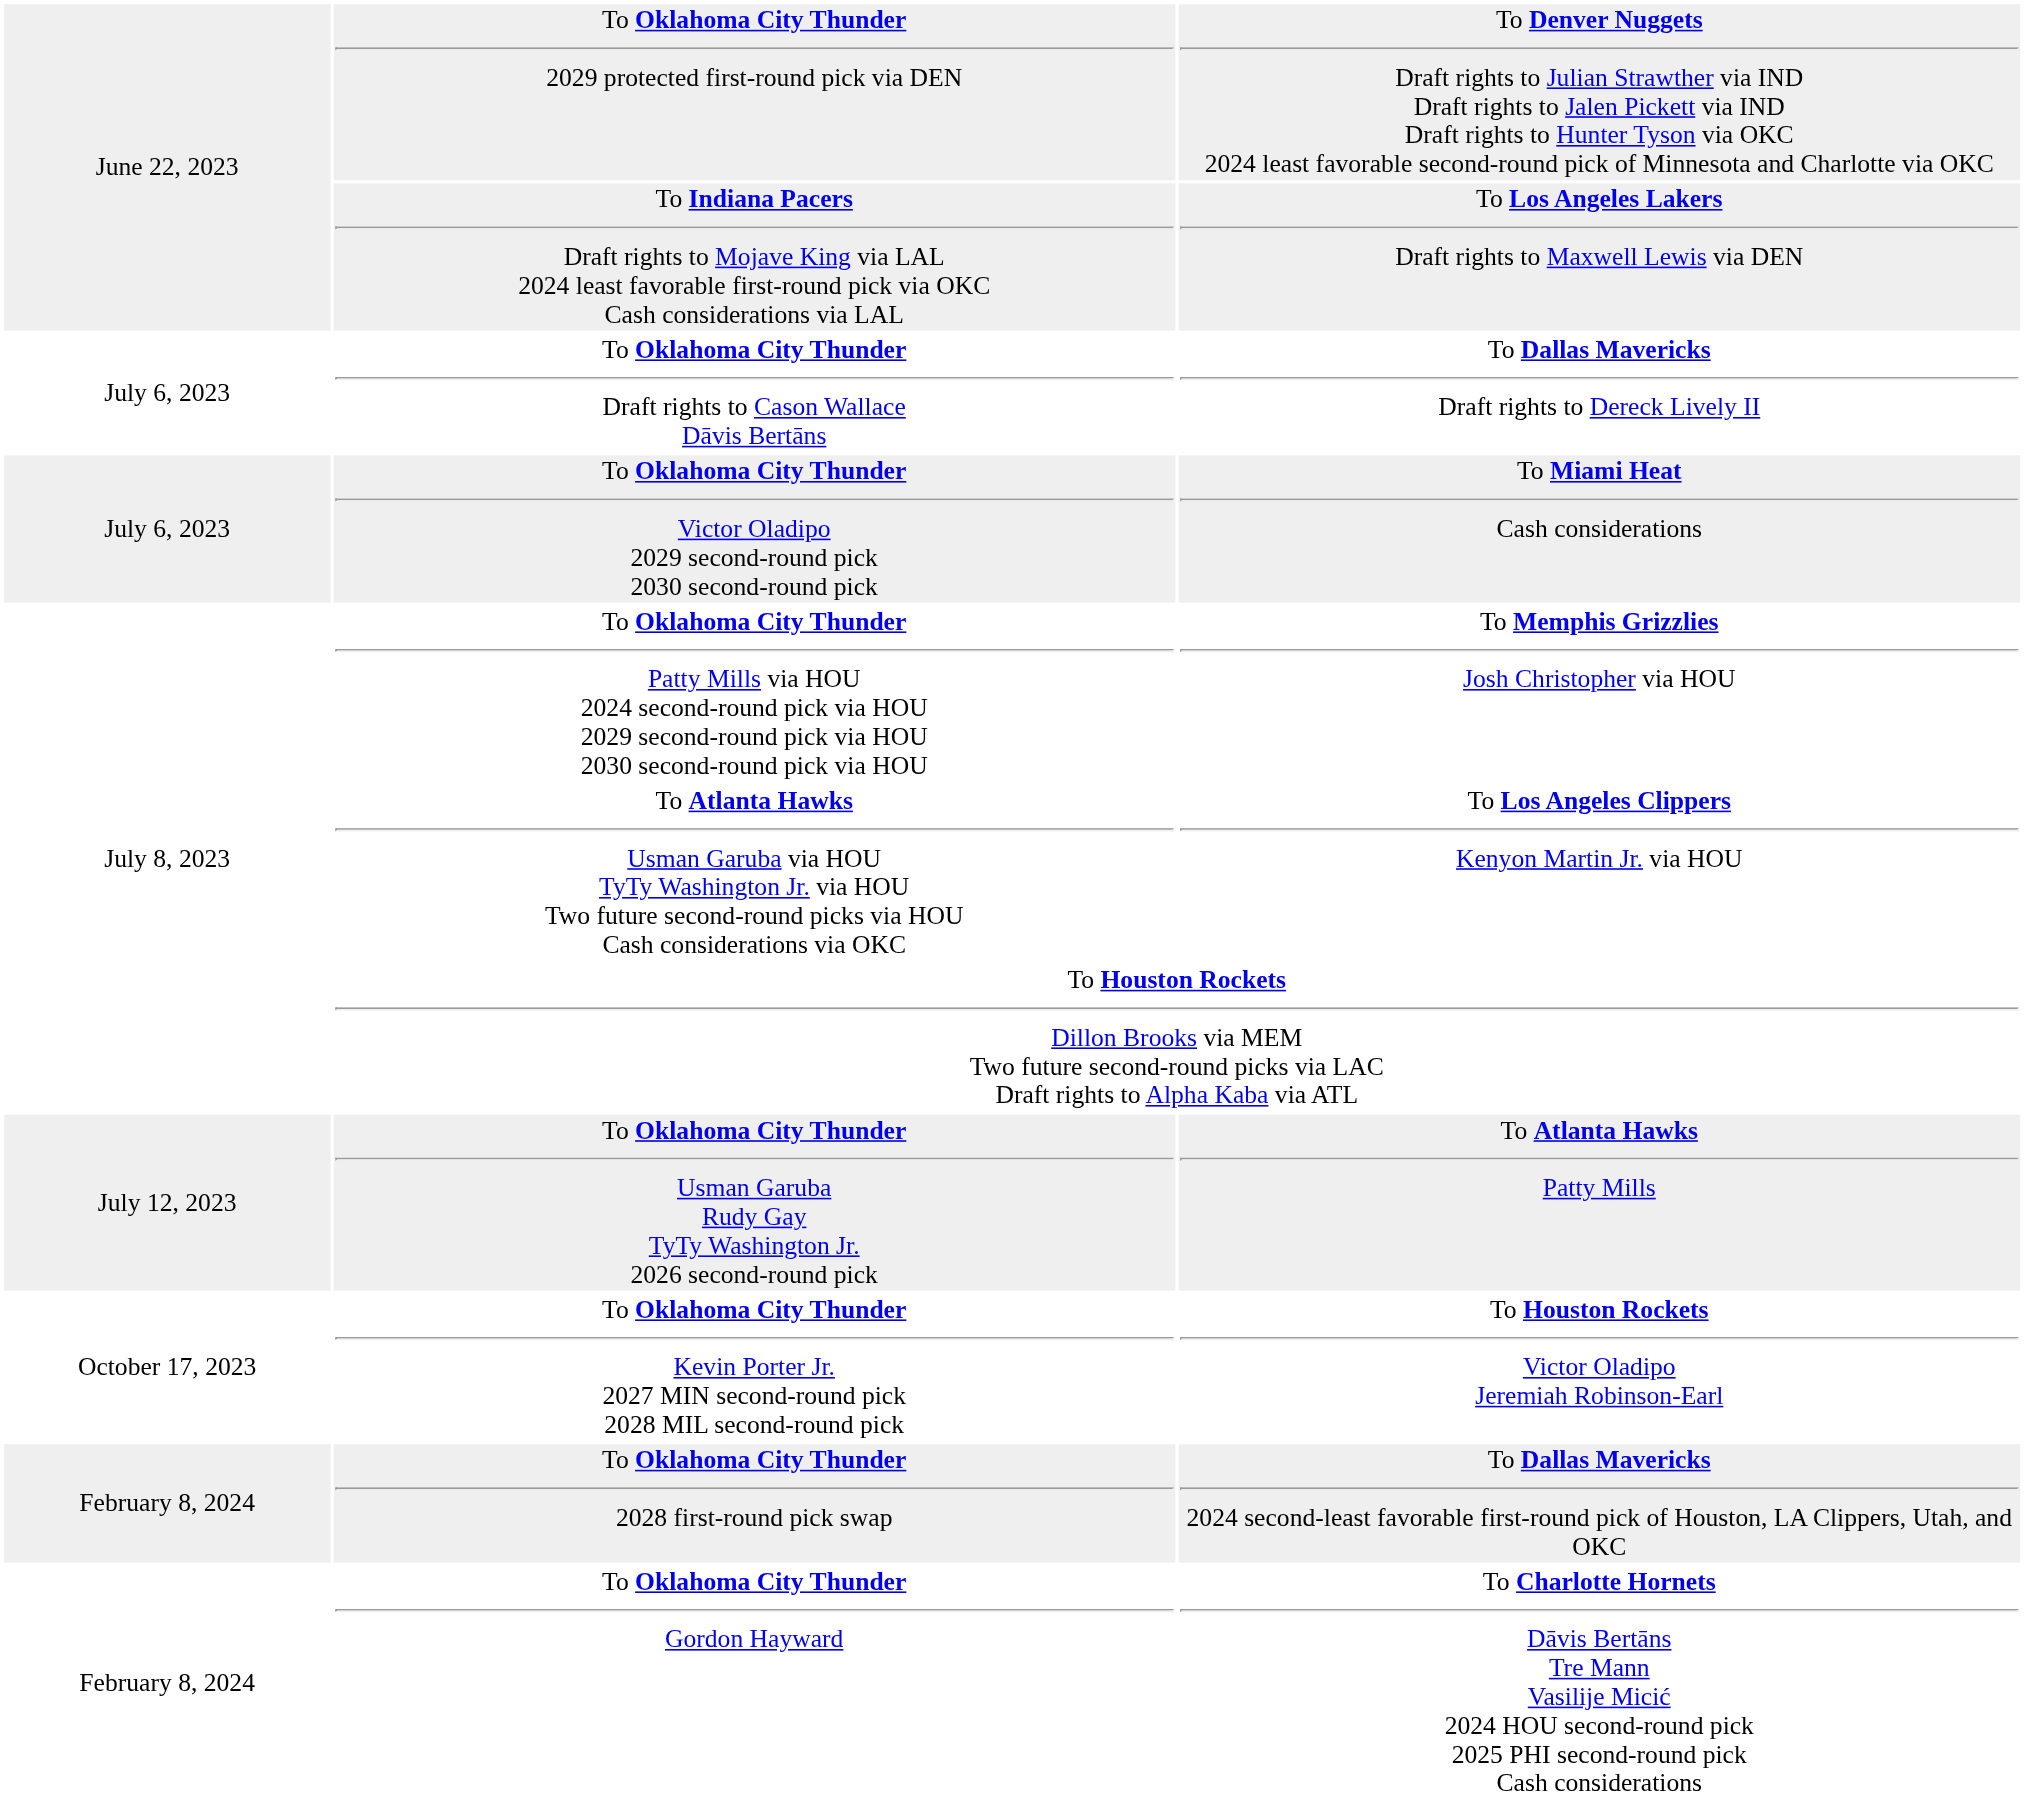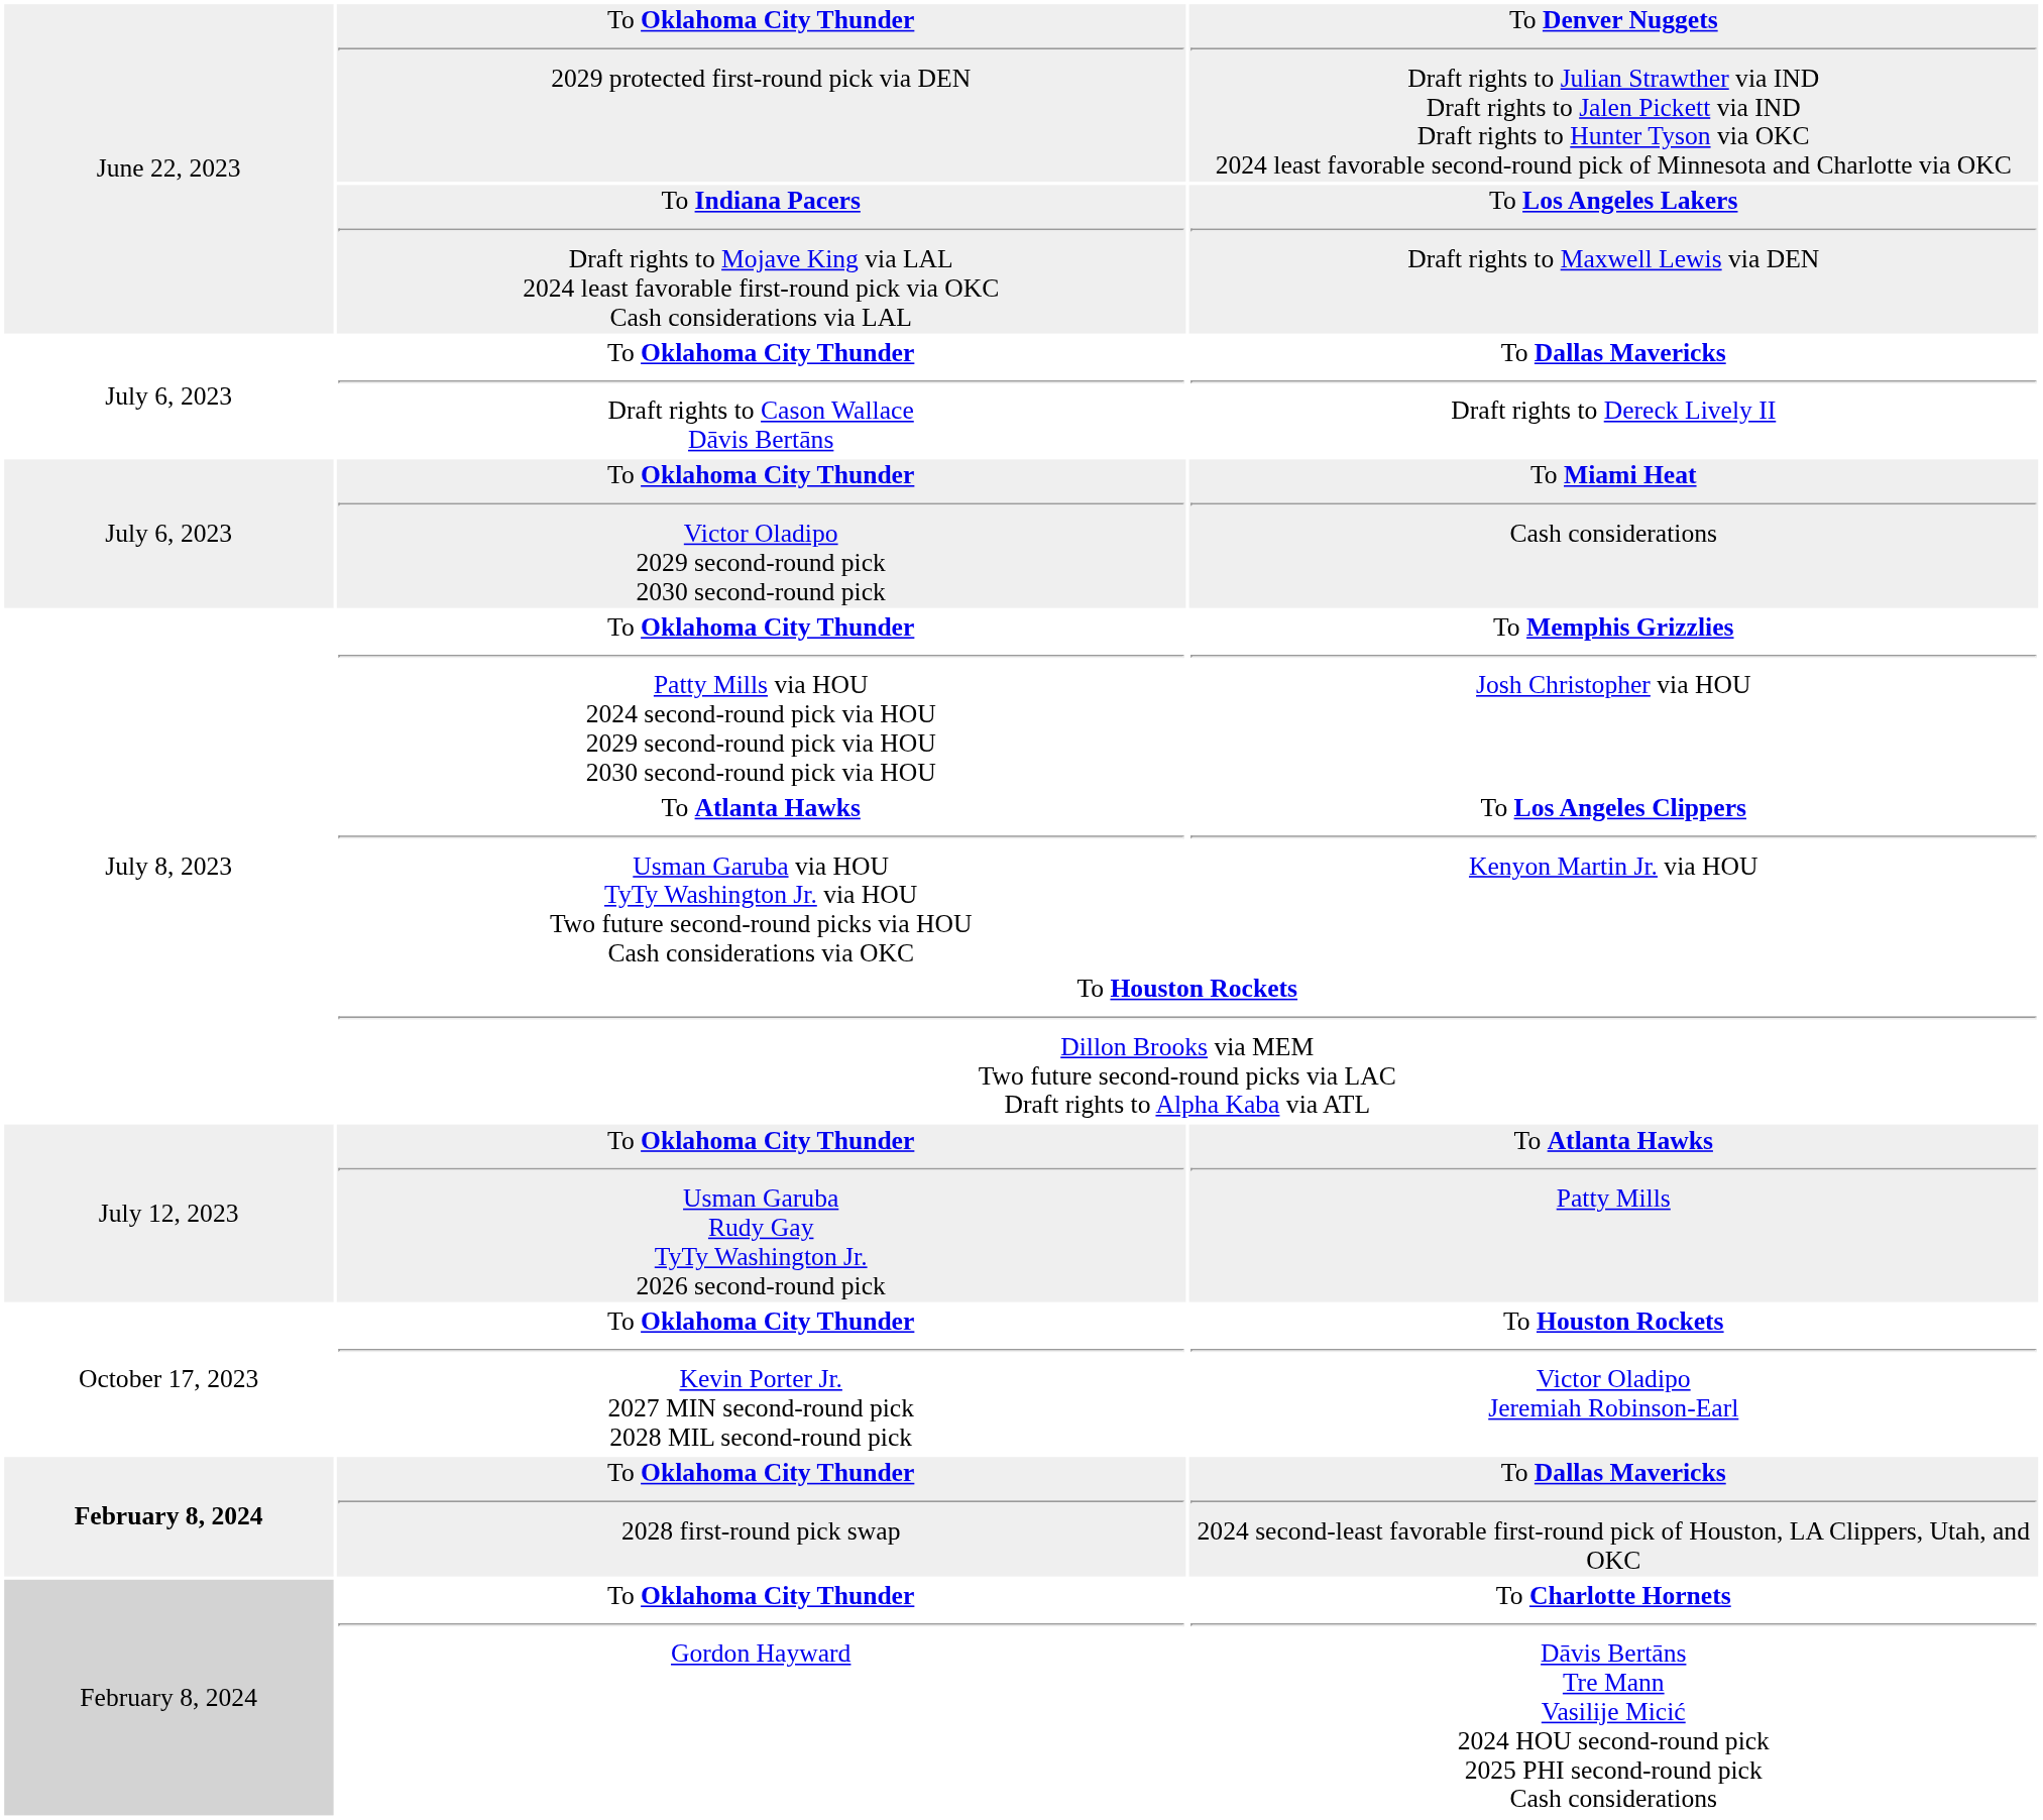 <table style="text-align: center">
 <tr style="background:#eeee">
 <td style="width:12%" rowspan=2>June 22, 2023</td>
 <td style="width:30%" valign="top">To <strong><a href='#'>Oklahoma City Thunder</a></strong><hr>2029 protected first-round pick via DEN</td>
 <td style="width:30%" valign="top">To <strong><a href='#'>Denver Nuggets</a></strong><hr>Draft rights to <a href='#'>Julian Strawther</a> via IND<br>Draft rights to <a href='#'>Jalen Pickett</a> via IND<br>Draft rights to <a href='#'>Hunter Tyson</a> via OKC<br>2024 least favorable second-round pick of Minnesota and Charlotte via OKC<br></td>
 </tr>
 <tr style="background:#eeee">
 <td style="width:30%" valign="top">To <strong><a href='#'>Indiana Pacers</a></strong><hr>Draft rights to <a href='#'>Mojave King</a> via LAL<br>2024 least favorable first-round pick via OKC<br>Cash considerations via LAL</td>
 <td style="width:30%" valign="top">To <strong><a href='#'>Los Angeles Lakers</a></strong><hr>Draft rights to <a href='#'>Maxwell Lewis</a> via DEN</td>
 </tr>
 <tr>
 <td style="width:10%">July 6, 2023</td>
 <td style="width:31%; vertical-align:top;">To <strong><a href='#'>Oklahoma City Thunder</a></strong><hr>Draft rights to <a href='#'>Cason Wallace</a><br><a href='#'>Dāvis Bertāns</a></td>
 <td style="width:31%; vertical-align:top;">To <strong><a href='#'>Dallas Mavericks</a></strong><hr>Draft rights to <a href='#'>Dereck Lively II</a></td>
 </tr>
 <tr style="background:#eeee">
 <td style="width:10%">July 6, 2023</td>
 <td style="width:31%; vertical-align:top;">To <strong><a href='#'>Oklahoma City Thunder</a></strong><hr><a href='#'>Victor Oladipo</a><br>2029 second-round pick<br>2030 second-round pick</td>
 <td style="width:31%; vertical-align:top;">To <strong><a href='#'>Miami Heat</a></strong><hr>Cash considerations</td>
 </tr>
 <tr>
 <td style="width:12%" rowspan=3>July 8, 2023</td>
 <td style="width:30%" valign="top">To <strong><a href='#'>Oklahoma City Thunder</a></strong><hr><a href='#'>Patty Mills</a> via HOU<br>2024 second-round pick via HOU<br>2029 second-round pick via HOU<br>2030 second-round pick via HOU</td>
 <td style="width:30%" valign="top">To <strong><a href='#'>Memphis Grizzlies</a></strong><hr><a href='#'>Josh Christopher</a> via HOU</td>
 </tr>
 <tr>
 <td style="width:20%" valign="top">To <strong><a href='#'>Atlanta Hawks</a></strong><hr><a href='#'>Usman Garuba</a> via HOU<br><a href='#'>TyTy Washington Jr.</a> via HOU<br>Two future second-round picks via HOU<br>Cash considerations via OKC</td>
 <td style="width:20%" valign="top">To <strong><a href='#'>Los Angeles Clippers</a></strong><hr><a href='#'>Kenyon Martin Jr.</a> via HOU</td>
 </tr>
 <tr>
 <td colspan="3">To <strong><a href='#'>Houston Rockets</a></strong><hr><a href='#'>Dillon Brooks</a> via MEM<br>Two future second-round picks via LAC<br>Draft rights to <a href='#'>Alpha Kaba</a> via ATL</td>
 </tr>
 <tr style="background:#eeee">
 <td style="width:10%">July 12, 2023</td>
 <td style="width:31%; vertical-align:top;">To <strong><a href='#'>Oklahoma City Thunder</a></strong><hr><a href='#'>Usman Garuba</a><br><a href='#'>Rudy Gay</a><br><a href='#'>TyTy Washington Jr.</a><br>2026 second-round pick</td>
 <td style="width:31%; vertical-align:top;">To <strong><a href='#'>Atlanta Hawks</a></strong><hr><a href='#'>Patty Mills</a></td>
 </tr>
 <tr>
 <td style="width:10%">October 17, 2023</td>
 <td style="width:31%; vertical-align:top;">To <strong><a href='#'>Oklahoma City Thunder</a></strong><hr><a href='#'>Kevin Porter Jr.</a><br>2027 MIN second-round pick<br>2028 MIL second-round pick</td>
 <td style="width:31%; vertical-align:top;">To <strong><a href='#'>Houston Rockets</a></strong><hr><a href='#'>Victor Oladipo</a><br><a href='#'>Jeremiah Robinson-Earl</a></td>
 </tr>
 <tr style="background:#eeee">
-<td style="width:10%">February 8, 2024</td>
+<td style="width:10%"><strong>February 8, 2024</strong></td>
 <td style="width:31%; vertical-align:top;">To <strong><a href='#'>Oklahoma City Thunder</a></strong><hr>2028 first-round pick swap</td>
 <td style="width:31%; vertical-align:top;">To <strong><a href='#'>Dallas Mavericks</a></strong><hr>2024 second-least favorable first-round pick of Houston, LA Clippers, Utah, and OKC</td>
 </tr>
 <tr>
-<td style="width:10%">February 8, 2024</td>
+<td style="background: lightgrey; width:10%">February 8, 2024</td>
 <td style="width:31%; vertical-align:top;">To <strong><a href='#'>Oklahoma City Thunder</a></strong><hr><a href='#'>Gordon Hayward</a></td>
 <td style="width:31%; vertical-align:top;">To <strong><a href='#'>Charlotte Hornets </a></strong><hr><a href='#'>Dāvis Bertāns</a><br><a href='#'>Tre Mann</a><br><a href='#'>Vasilije Micić</a><br>2024 HOU second-round pick<br>2025 PHI second-round pick<br>Cash considerations</td>
 </tr>
 </table>
